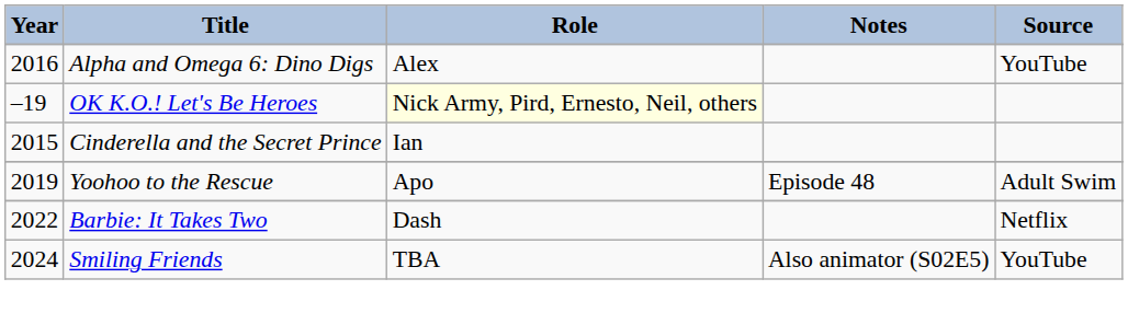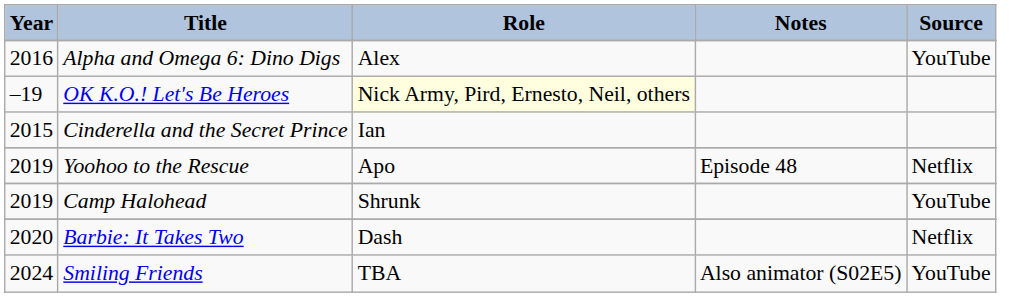 <table class="wikitable sortable plainrowheaders" style="font-size: 95%;">
 <tr>
 <th style="background:#b0c4de; style=width:40px;">Year </th>
 <th style="background:#b0c4de;">Title</th>
 <th style="background:#b0c4de;">Role </th>
 <th style="background:#b0c4de;" class="unsortable">Notes</th>
 <th style="background:#b0c4de;" class="unsortable">Source</th>
 </tr>
 <tr>
 </tr>
 <tr>
 </tr>
 <tr>
 <td>2016</td>
 <td><em>Alpha and Omega 6: Dino Digs</em></td>
 <td>Alex</td>
 <td></td>
 <td>YouTube</td>
 </tr>
 <tr>
 <td>–19</td>
 <td><em><a href='#'>OK K.O.! Let's Be Heroes</a></em></td>
 <td style="background: lightyellow;">Nick Army, Pird, Ernesto, Neil, others</td>
 <td></td>
 <td></td>
 </tr>
 <tr>
 <td>2015</td>
 <td><em>Cinderella and the Secret Prince</em></td>
 <td>Ian</td>
 <td></td>
 <td></td>
 </tr>
 <tr>
 </tr>
 <tr>
 <td>2019</td>
 <td><em>Yoohoo to the Rescue</em></td>
 <td>Apo</td>
 <td>Episode 48</td>
-<td>Adult Swim</td>
+<td>Netflix</td>
 </tr>
 <tr>
 </tr>
 <tr>
+<td>2019</td>
+<td><em>Camp Halohead</em></td>
+<td>Shrunk</td>
+<td></td>
+<td>YouTube</td>
 </tr>
 <tr>
-<td>2022</td>
+</tr>
+<tr>
+<td>2020</td>
 <td><em><a href='#'>Barbie: It Takes Two</a></em></td>
 <td>Dash</td>
 <td></td>
 <td>Netflix</td>
 </tr>
 <tr>
 <td>2024</td>
 <td><em><a href='#'>Smiling Friends</a></em></td>
 <td>TBA</td>
 <td>Also animator (S02E5)</td>
 <td>YouTube</td>
 </tr>
 </table>
